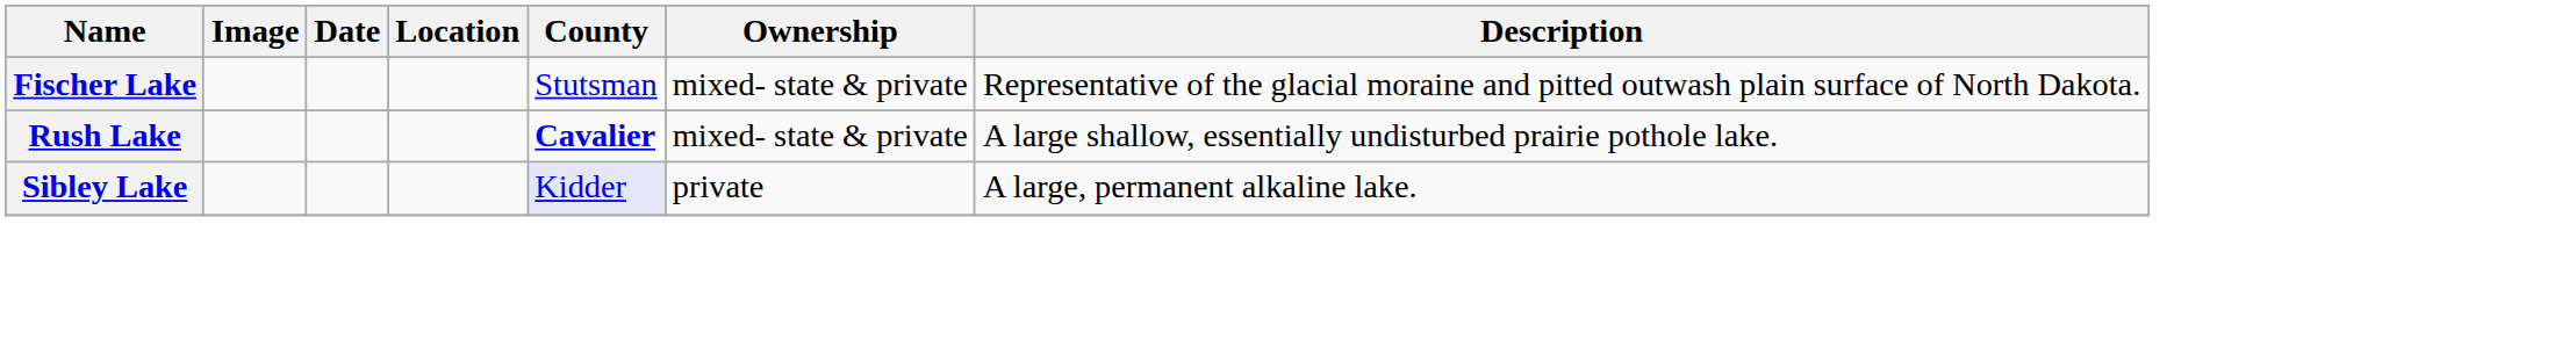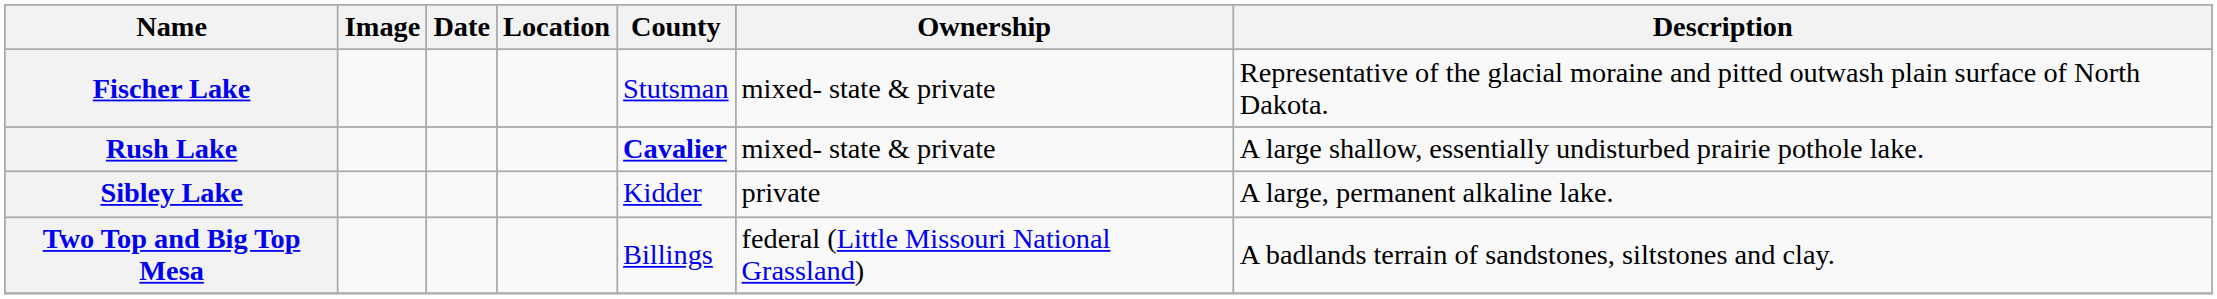 <table class="wikitable sortable" align="center">
 <tr>
 <th style="background-color:">Name</th>
 <th style="background-color:">Image</th>
 <th style="background-color:">Date</th>
 <th style="background-color:">Location</th>
 <th style="background-color:">County</th>
 <th style="background-color:">Ownership</th>
 <th style="background-color:">Description</th>
 </tr>
 <tr>
 <th><a href='#'>Fischer Lake</a></th>
 <td></td>
 <td></td>
 <td></td>
 <td><a href='#'>Stutsman</a></td>
 <td>mixed- state & private</td>
 <td>Representative of the glacial moraine and pitted outwash plain surface of North Dakota.</td>
 </tr>
 <tr>
 <th><a href='#'>Rush Lake</a></th>
 <td></td>
 <td></td>
 <td></td>
 <td><strong><a href='#'>Cavalier</a></strong></td>
 <td>mixed- state & private</td>
 <td>A large shallow, essentially undisturbed prairie pothole lake.</td>
 </tr>
 <tr>
 <th><a href='#'>Sibley Lake</a></th>
 <td></td>
 <td></td>
 <td></td>
-<td style="background: lavender;"><a href='#'>Kidder</a></td>
+<td><a href='#'>Kidder</a></td>
 <td>private</td>
 <td>A large, permanent alkaline lake.</td>
 </tr>
 <tr>
+<th><a href='#'>Two Top and Big Top Mesa</a></th>
+<td></td>
+<td></td>
+<td></td>
+<td><a href='#'>Billings</a></td>
+<td>federal (<a href='#'>Little Missouri National Grassland</a>)</td>
+<td>A badlands terrain of sandstones, siltstones and clay.</td>
+</tr>
+<tr>
 </tr>
 </table>
